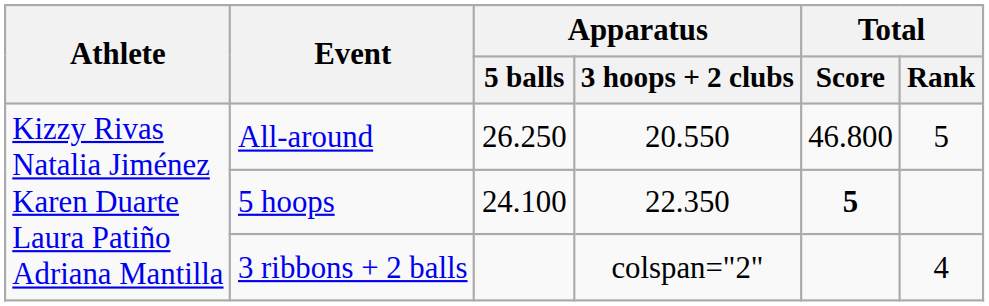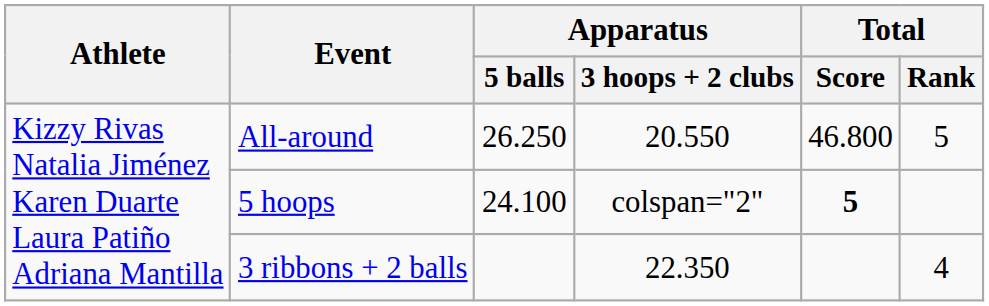 <table class=wikitable style=font-size:90%;text-align:center>
 <tr>
 <th rowspan=2>Athlete</th>
 <th rowspan=2>Event</th>
 <th colspan=2>Apparatus</th>
 <th colspan=2>Total</th>
 </tr>
 <tr style=font-size:95%>
 <th>5 balls</th>
 <th>3 hoops + 2 clubs</th>
 <th>Score</th>
 <th>Rank</th>
 </tr>
 <tr>
 <td align=left rowspan="3"><a href='#'>Kizzy Rivas</a><br><a href='#'>Natalia Jiménez</a><br><a href='#'>Karen Duarte</a><br><a href='#'>Laura Patiño</a><br><a href='#'>Adriana Mantilla</a></td>
 <td align=left><a href='#'>All-around</a></td>
 <td>26.250</td>
 <td>20.550</td>
 <td>46.800</td>
 <td>5</td>
 </tr>
 <tr>
 <td align=left><a href='#'>5 hoops</a></td>
 <td>24.100</td>
-<td>22.350</td>
+<td>colspan="2"</td>
 <td><strong>5</strong></td>
 </tr>
 <tr>
 <td align=left><a href='#'>3 ribbons + 2 balls</a></td>
 <td></td>
-<td>colspan="2"</td>
+<td>22.350</td>
 <td></td>
 <td>4</td>
 </tr>
 </table>
